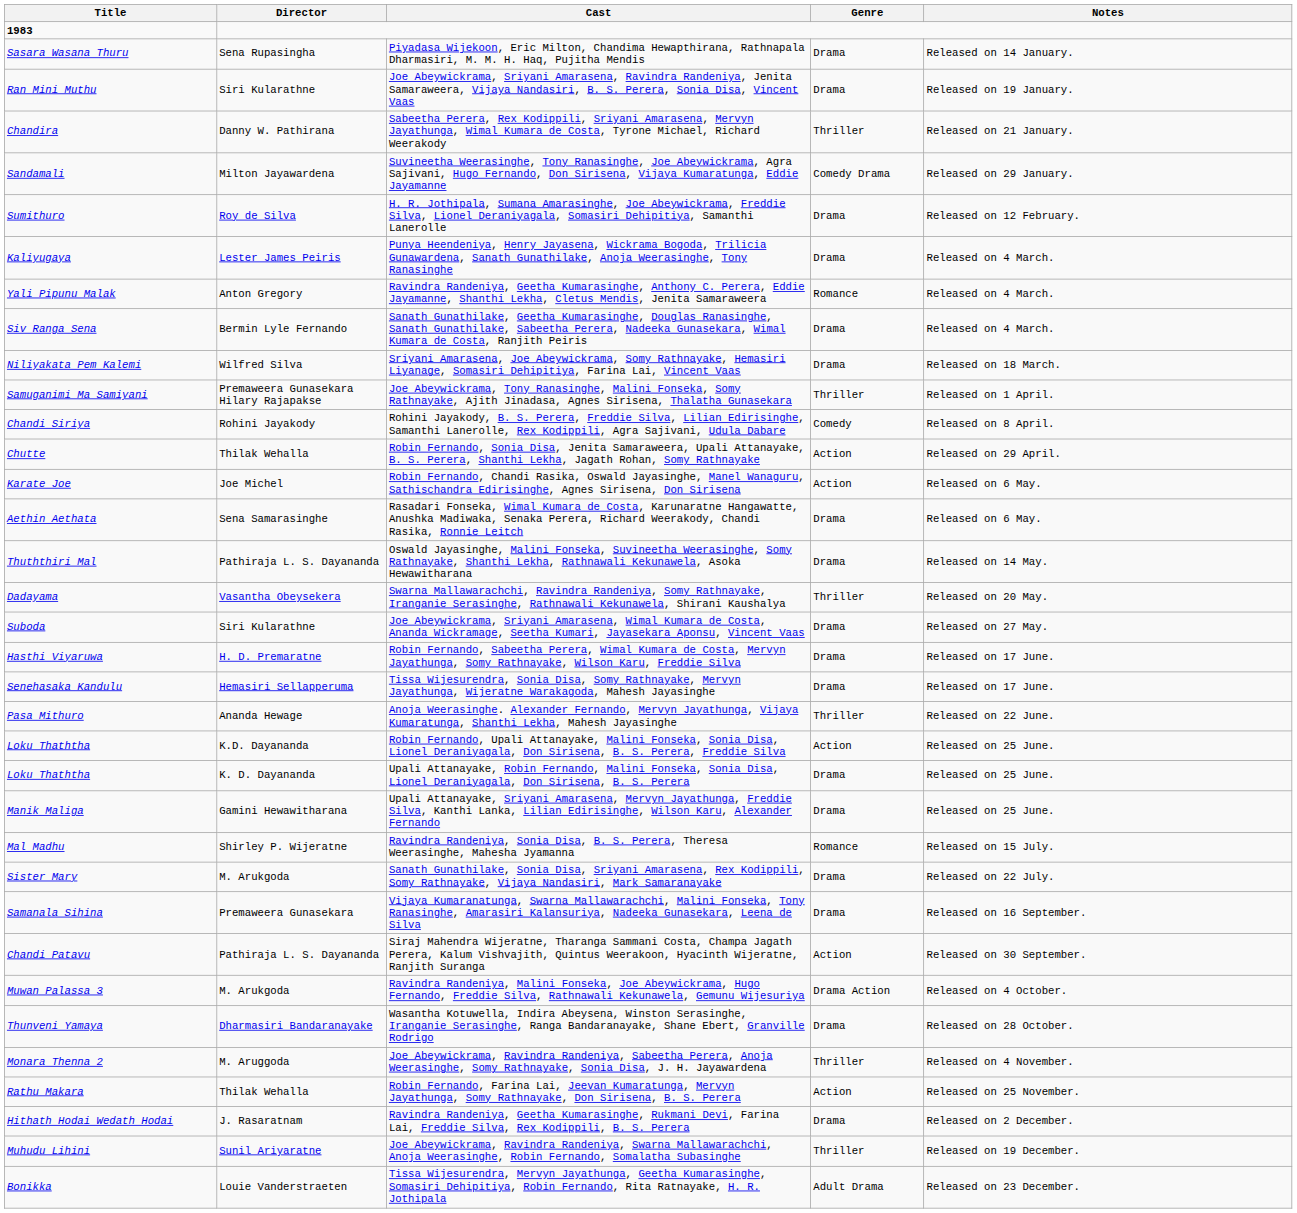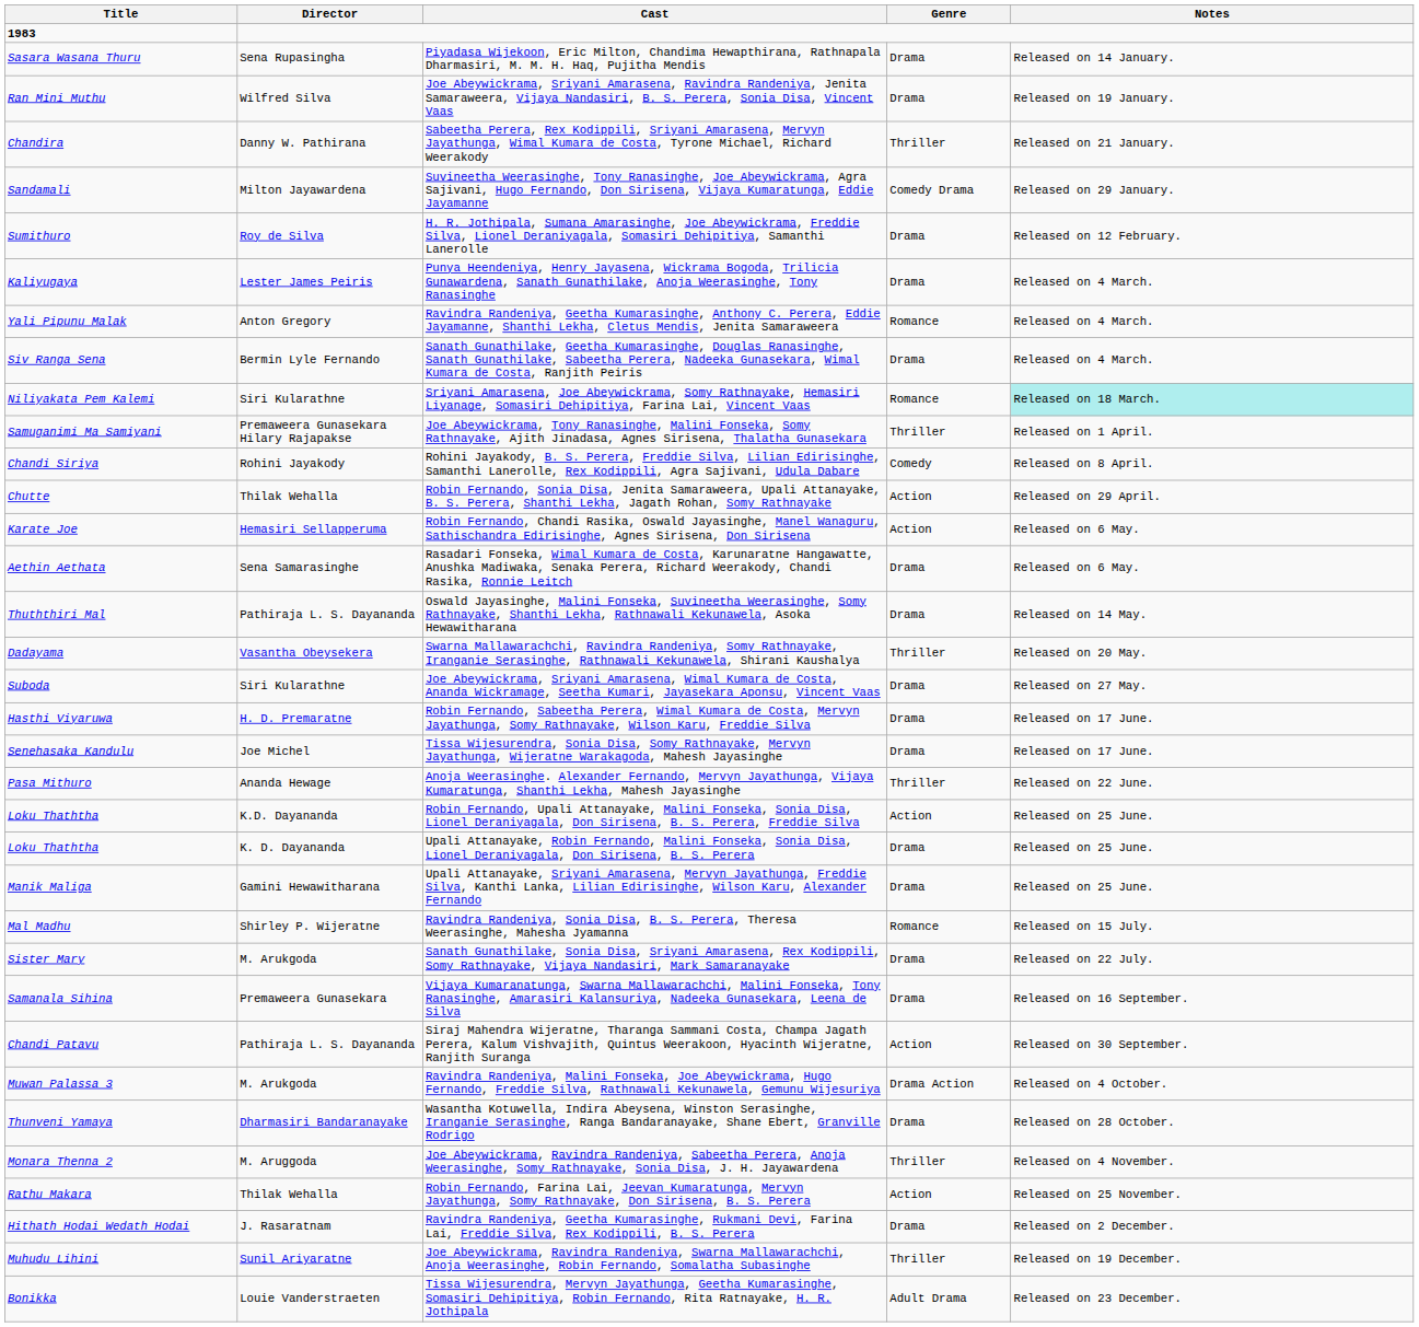 <table class="wikitable">
 <tr>
 <th width=15%>Title</th>
 <th width=12%>Director</th>
 <th width=30%>Cast</th>
 <th width=8%>Genre</th>
 <th width=26%>Notes</th>
 </tr>
 <tr>
 <td><strong>1983</strong></td>
 </tr>
 <tr>
 <td><em><a href='#'>Sasara Wasana Thuru</a></em></td>
 <td>Sena Rupasingha</td>
 <td><a href='#'>Piyadasa Wijekoon</a>, Eric Milton, Chandima Hewapthirana, Rathnapala Dharmasiri, M. M. H. Haq, Pujitha Mendis</td>
 <td>Drama</td>
 <td>Released on 14 January.</td>
 </tr>
 <tr>
 <td><em><a href='#'>Ran Mini Muthu</a></em></td>
-<td>Siri Kularathne</td>
+<td>Wilfred Silva</td>
 <td><a href='#'>Joe Abeywickrama</a>, <a href='#'>Sriyani Amarasena</a>, <a href='#'>Ravindra Randeniya</a>, Jenita Samaraweera, <a href='#'>Vijaya Nandasiri</a>, <a href='#'>B. S. Perera</a>, <a href='#'>Sonia Disa</a>, <a href='#'>Vincent Vaas</a></td>
 <td>Drama</td>
 <td>Released on 19 January.</td>
 </tr>
 <tr>
 <td><em><a href='#'>Chandira</a></em></td>
 <td>Danny W. Pathirana</td>
 <td><a href='#'>Sabeetha Perera</a>, <a href='#'>Rex Kodippili</a>, <a href='#'>Sriyani Amarasena</a>, <a href='#'>Mervyn Jayathunga</a>, <a href='#'>Wimal Kumara de Costa</a>, Tyrone Michael, Richard Weerakody</td>
 <td>Thriller</td>
 <td>Released on 21 January.</td>
 </tr>
 <tr>
 <td><em><a href='#'>Sandamali</a></em></td>
 <td>Milton Jayawardena</td>
 <td><a href='#'>Suvineetha Weerasinghe</a>, <a href='#'>Tony Ranasinghe</a>, <a href='#'>Joe Abeywickrama</a>, Agra Sajivani, <a href='#'>Hugo Fernando</a>, <a href='#'>Don Sirisena</a>, <a href='#'>Vijaya Kumaratunga</a>, <a href='#'>Eddie Jayamanne</a></td>
 <td>Comedy Drama</td>
 <td>Released on 29 January.</td>
 </tr>
 <tr>
 <td><em><a href='#'>Sumithuro</a></em></td>
 <td><a href='#'>Roy de Silva</a></td>
 <td><a href='#'>H. R. Jothipala</a>, <a href='#'>Sumana Amarasinghe</a>, <a href='#'>Joe Abeywickrama</a>, <a href='#'>Freddie Silva</a>, <a href='#'>Lionel Deraniyagala</a>, <a href='#'>Somasiri Dehipitiya</a>, Samanthi Lanerolle</td>
 <td>Drama</td>
 <td>Released on 12 February.</td>
 </tr>
 <tr>
 <td><em><a href='#'>Kaliyugaya</a></em></td>
 <td><a href='#'>Lester James Peiris</a></td>
 <td><a href='#'>Punya Heendeniya</a>, <a href='#'>Henry Jayasena</a>, <a href='#'>Wickrama Bogoda</a>, <a href='#'>Trilicia Gunawardena</a>, <a href='#'>Sanath Gunathilake</a>, <a href='#'>Anoja Weerasinghe</a>, <a href='#'>Tony Ranasinghe</a></td>
 <td>Drama</td>
 <td>Released on 4 March.</td>
 </tr>
 <tr>
 <td><em><a href='#'>Yali Pipunu Malak</a></em></td>
 <td>Anton Gregory</td>
 <td><a href='#'>Ravindra Randeniya</a>, <a href='#'>Geetha Kumarasinghe</a>, <a href='#'>Anthony C. Perera</a>, <a href='#'>Eddie Jayamanne</a>, <a href='#'>Shanthi Lekha</a>, <a href='#'>Cletus Mendis</a>, Jenita Samaraweera</td>
 <td>Romance</td>
 <td>Released on 4 March.</td>
 </tr>
 <tr>
 <td><em><a href='#'>Siv Ranga Sena</a></em></td>
 <td>Bermin Lyle Fernando</td>
 <td><a href='#'>Sanath Gunathilake</a>, <a href='#'>Geetha Kumarasinghe</a>, <a href='#'>Douglas Ranasinghe</a>, <a href='#'>Sanath Gunathilake</a>, <a href='#'>Sabeetha Perera</a>, <a href='#'>Nadeeka Gunasekara</a>, <a href='#'>Wimal Kumara de Costa</a>, Ranjith Peiris</td>
 <td>Drama</td>
 <td>Released on 4 March.</td>
 </tr>
 <tr>
 <td><em><a href='#'>Niliyakata Pem Kalemi</a></em></td>
-<td>Wilfred Silva</td>
+<td>Siri Kularathne</td>
 <td><a href='#'>Sriyani Amarasena</a>, <a href='#'>Joe Abeywickrama</a>, <a href='#'>Somy Rathnayake</a>, <a href='#'>Hemasiri Liyanage</a>, <a href='#'>Somasiri Dehipitiya</a>, Farina Lai, <a href='#'>Vincent Vaas</a></td>
-<td>Drama</td>
-<td>Released on 18 March.</td>
+<td>Romance</td>
+<td style="background: paleturquoise;">Released on 18 March.</td>
 </tr>
 <tr>
 <td><em><a href='#'>Samuganimi Ma Samiyani</a></em></td>
 <td>Premaweera Gunasekara <br> Hilary Rajapakse</td>
 <td><a href='#'>Joe Abeywickrama</a>, <a href='#'>Tony Ranasinghe</a>, <a href='#'>Malini Fonseka</a>, <a href='#'>Somy Rathnayake</a>, Ajith Jinadasa, Agnes Sirisena, <a href='#'>Thalatha Gunasekara</a></td>
 <td>Thriller</td>
 <td>Released on 1 April.</td>
 </tr>
 <tr>
 <td><em><a href='#'>Chandi Siriya</a></em></td>
 <td>Rohini Jayakody</td>
 <td>Rohini Jayakody, <a href='#'>B. S. Perera</a>, <a href='#'>Freddie Silva</a>, <a href='#'>Lilian Edirisinghe</a>, Samanthi Lanerolle, <a href='#'>Rex Kodippili</a>, Agra Sajivani, <a href='#'>Udula Dabare</a></td>
 <td>Comedy</td>
 <td>Released on 8 April.</td>
 </tr>
 <tr>
 <td><em><a href='#'>Chutte</a></em></td>
 <td>Thilak Wehalla</td>
 <td><a href='#'>Robin Fernando</a>, <a href='#'>Sonia Disa</a>, Jenita Samaraweera, Upali Attanayake, <a href='#'>B. S. Perera</a>, <a href='#'>Shanthi Lekha</a>, Jagath Rohan, <a href='#'>Somy Rathnayake</a></td>
 <td>Action</td>
 <td>Released on 29 April.</td>
 </tr>
 <tr>
 <td><em><a href='#'>Karate Joe</a></em></td>
-<td>Joe Michel</td>
+<td><a href='#'>Hemasiri Sellapperuma</a></td>
 <td><a href='#'>Robin Fernando</a>, Chandi Rasika, Oswald Jayasinghe, <a href='#'>Manel Wanaguru</a>, <a href='#'>Sathischandra Edirisinghe</a>, Agnes Sirisena, <a href='#'>Don Sirisena</a></td>
 <td>Action</td>
 <td>Released on 6 May.</td>
 </tr>
 <tr>
 <td><em><a href='#'>Aethin Aethata</a></em></td>
 <td>Sena Samarasinghe</td>
 <td>Rasadari Fonseka, <a href='#'>Wimal Kumara de Costa</a>, Karunaratne Hangawatte, Anushka Madiwaka, Senaka Perera, Richard Weerakody, Chandi Rasika, <a href='#'>Ronnie Leitch</a></td>
 <td>Drama</td>
 <td>Released on 6 May.</td>
 </tr>
 <tr>
 <td><em><a href='#'>Thuththiri Mal</a></em></td>
 <td>Pathiraja L. S. Dayananda</td>
 <td>Oswald Jayasinghe, <a href='#'>Malini Fonseka</a>, <a href='#'>Suvineetha Weerasinghe</a>, <a href='#'>Somy Rathnayake</a>, <a href='#'>Shanthi Lekha</a>, <a href='#'>Rathnawali Kekunawela</a>, Asoka Hewawitharana</td>
 <td>Drama</td>
 <td>Released on 14 May.</td>
 </tr>
 <tr>
 <td><em><a href='#'>Dadayama</a></em></td>
 <td><a href='#'>Vasantha Obeysekera</a></td>
 <td><a href='#'>Swarna Mallawarachchi</a>, <a href='#'>Ravindra Randeniya</a>, <a href='#'>Somy Rathnayake</a>, <a href='#'>Iranganie Serasinghe</a>, <a href='#'>Rathnawali Kekunawela</a>, Shirani Kaushalya</td>
 <td>Thriller</td>
 <td>Released on 20 May.</td>
 </tr>
 <tr>
 <td><em><a href='#'>Suboda</a></em></td>
 <td>Siri Kularathne</td>
 <td><a href='#'>Joe Abeywickrama</a>, <a href='#'>Sriyani Amarasena</a>, <a href='#'>Wimal Kumara de Costa</a>, <a href='#'>Ananda Wickramage</a>, <a href='#'>Seetha Kumari</a>, <a href='#'>Jayasekara Aponsu</a>, <a href='#'>Vincent Vaas</a></td>
 <td>Drama</td>
 <td>Released on 27 May.</td>
 </tr>
 <tr>
 <td><em><a href='#'>Hasthi Viyaruwa</a></em></td>
 <td><a href='#'>H. D. Premaratne</a></td>
 <td><a href='#'>Robin Fernando</a>, <a href='#'>Sabeetha Perera</a>, <a href='#'>Wimal Kumara de Costa</a>, <a href='#'>Mervyn Jayathunga</a>, <a href='#'>Somy Rathnayake</a>, <a href='#'>Wilson Karu</a>, <a href='#'>Freddie Silva</a></td>
 <td>Drama</td>
 <td>Released on 17 June.</td>
 </tr>
 <tr>
 <td><em><a href='#'>Senehasaka Kandulu</a></em></td>
-<td><a href='#'>Hemasiri Sellapperuma</a></td>
+<td>Joe Michel</td>
 <td><a href='#'>Tissa Wijesurendra</a>, <a href='#'>Sonia Disa</a>, <a href='#'>Somy Rathnayake</a>, <a href='#'>Mervyn Jayathunga</a>, <a href='#'>Wijeratne Warakagoda</a>, Mahesh Jayasinghe</td>
 <td>Drama</td>
 <td>Released on 17 June.</td>
 </tr>
 <tr>
 <td><em><a href='#'>Pasa Mithuro</a></em></td>
 <td>Ananda Hewage</td>
 <td><a href='#'>Anoja Weerasinghe</a>. <a href='#'>Alexander Fernando</a>, <a href='#'>Mervyn Jayathunga</a>, <a href='#'>Vijaya Kumaratunga</a>, <a href='#'>Shanthi Lekha</a>, Mahesh Jayasinghe</td>
 <td>Thriller</td>
 <td>Released on 22 June.</td>
 </tr>
 <tr>
 <td><em><a href='#'>Loku Thaththa</a></em></td>
 <td>K.D. Dayananda</td>
 <td><a href='#'>Robin Fernando</a>, Upali Attanayake, <a href='#'>Malini Fonseka</a>, <a href='#'>Sonia Disa</a>, <a href='#'>Lionel Deraniyagala</a>, <a href='#'>Don Sirisena</a>, <a href='#'>B. S. Perera</a>, <a href='#'>Freddie Silva</a></td>
 <td>Action</td>
 <td>Released on 25 June.</td>
 </tr>
 <tr>
 <td><em><a href='#'>Loku Thaththa</a></em></td>
 <td>K. D. Dayananda</td>
 <td>Upali Attanayake, <a href='#'>Robin Fernando</a>, <a href='#'>Malini Fonseka</a>, <a href='#'>Sonia Disa</a>, <a href='#'>Lionel Deraniyagala</a>, <a href='#'>Don Sirisena</a>, <a href='#'>B. S. Perera</a></td>
 <td>Drama</td>
 <td>Released on 25 June.</td>
 </tr>
 <tr>
 <td><em><a href='#'>Manik Maliga</a></em></td>
 <td>Gamini Hewawitharana</td>
 <td>Upali Attanayake, <a href='#'>Sriyani Amarasena</a>, <a href='#'>Mervyn Jayathunga</a>, <a href='#'>Freddie Silva</a>, Kanthi Lanka, <a href='#'>Lilian Edirisinghe</a>, <a href='#'>Wilson Karu</a>, <a href='#'>Alexander Fernando</a></td>
 <td>Drama</td>
 <td>Released on 25 June.</td>
 </tr>
 <tr>
 <td><em><a href='#'>Mal Madhu</a></em></td>
 <td>Shirley P. Wijeratne</td>
 <td><a href='#'>Ravindra Randeniya</a>, <a href='#'>Sonia Disa</a>, <a href='#'>B. S. Perera</a>, Theresa Weerasinghe, Mahesha Jyamanna</td>
 <td>Romance</td>
 <td>Released on 15 July.</td>
 </tr>
 <tr>
 <td><em><a href='#'>Sister Mary</a></em></td>
 <td>M. Arukgoda</td>
 <td><a href='#'>Sanath Gunathilake</a>, <a href='#'>Sonia Disa</a>, <a href='#'>Sriyani Amarasena</a>, <a href='#'>Rex Kodippili</a>, <a href='#'>Somy Rathnayake</a>, <a href='#'>Vijaya Nandasiri</a>, <a href='#'>Mark Samaranayake</a></td>
 <td>Drama</td>
 <td>Released on 22 July.</td>
 </tr>
 <tr>
 <td><em><a href='#'>Samanala Sihina</a></em></td>
 <td>Premaweera Gunasekara</td>
 <td><a href='#'>Vijaya Kumaranatunga</a>, <a href='#'>Swarna Mallawarachchi</a>, <a href='#'>Malini Fonseka</a>, <a href='#'>Tony Ranasinghe</a>, <a href='#'>Amarasiri Kalansuriya</a>, <a href='#'>Nadeeka Gunasekara</a>, <a href='#'>Leena de Silva</a></td>
 <td>Drama</td>
 <td>Released on 16 September.</td>
 </tr>
 <tr>
 <td><em><a href='#'>Chandi Patavu</a></em></td>
 <td>Pathiraja L. S. Dayananda</td>
 <td>Siraj Mahendra Wijeratne, Tharanga Sammani Costa, Champa Jagath Perera, Kalum Vishvajith, Quintus Weerakoon, Hyacinth Wijeratne, Ranjith Suranga</td>
 <td>Action</td>
 <td>Released on 30 September.</td>
 </tr>
 <tr>
 <td><em><a href='#'>Muwan Palassa 3</a></em></td>
 <td>M. Arukgoda</td>
 <td><a href='#'>Ravindra Randeniya</a>, <a href='#'>Malini Fonseka</a>, <a href='#'>Joe Abeywickrama</a>, <a href='#'>Hugo Fernando</a>, <a href='#'>Freddie Silva</a>, <a href='#'>Rathnawali Kekunawela</a>, <a href='#'>Gemunu Wijesuriya</a></td>
 <td>Drama Action</td>
 <td>Released on 4 October.</td>
 </tr>
 <tr>
 <td><em><a href='#'>Thunveni Yamaya</a></em></td>
 <td><a href='#'>Dharmasiri Bandaranayake</a></td>
 <td>Wasantha Kotuwella, Indira Abeysena, Winston Serasinghe, <a href='#'>Iranganie Serasinghe</a>, Ranga Bandaranayake, Shane Ebert, <a href='#'>Granville Rodrigo</a></td>
 <td>Drama</td>
 <td>Released on 28 October.</td>
 </tr>
 <tr>
 <td><em><a href='#'>Monara Thenna 2</a></em></td>
 <td>M. Aruggoda</td>
 <td><a href='#'>Joe Abeywickrama</a>, <a href='#'>Ravindra Randeniya</a>, <a href='#'>Sabeetha Perera</a>, <a href='#'>Anoja Weerasinghe</a>, <a href='#'>Somy Rathnayake</a>, <a href='#'>Sonia Disa</a>, J. H. Jayawardena</td>
 <td>Thriller</td>
 <td>Released on 4 November.</td>
 </tr>
 <tr>
 <td><em><a href='#'>Rathu Makara</a></em></td>
 <td>Thilak Wehalla</td>
 <td><a href='#'>Robin Fernando</a>, Farina Lai, <a href='#'>Jeevan Kumaratunga</a>, <a href='#'>Mervyn Jayathunga</a>, <a href='#'>Somy Rathnayake</a>, <a href='#'>Don Sirisena</a>, <a href='#'>B. S. Perera</a></td>
 <td>Action</td>
 <td>Released on 25 November.</td>
 </tr>
 <tr>
 <td><em><a href='#'>Hithath Hodai Wedath Hodai</a></em></td>
 <td>J. Rasaratnam</td>
 <td><a href='#'>Ravindra Randeniya</a>, <a href='#'>Geetha Kumarasinghe</a>, <a href='#'>Rukmani Devi</a>, Farina Lai, <a href='#'>Freddie Silva</a>, <a href='#'>Rex Kodippili</a>, <a href='#'>B. S. Perera</a></td>
 <td>Drama</td>
 <td>Released on 2 December.</td>
 </tr>
 <tr>
 <td><em><a href='#'>Muhudu Lihini</a></em></td>
 <td><a href='#'>Sunil Ariyaratne</a></td>
 <td><a href='#'>Joe Abeywickrama</a>, <a href='#'>Ravindra Randeniya</a>, <a href='#'>Swarna Mallawarachchi</a>, <a href='#'>Anoja Weerasinghe</a>, <a href='#'>Robin Fernando</a>, <a href='#'>Somalatha Subasinghe</a></td>
 <td>Thriller</td>
 <td>Released on 19 December.</td>
 </tr>
 <tr>
 <td><em><a href='#'>Bonikka</a></em></td>
 <td>Louie Vanderstraeten</td>
 <td><a href='#'>Tissa Wijesurendra</a>, <a href='#'>Mervyn Jayathunga</a>, <a href='#'>Geetha Kumarasinghe</a>, <a href='#'>Somasiri Dehipitiya</a>, <a href='#'>Robin Fernando</a>, Rita Ratnayake, <a href='#'>H. R. Jothipala</a></td>
 <td>Adult Drama</td>
 <td>Released on 23 December.</td>
 </tr>
 </table>
